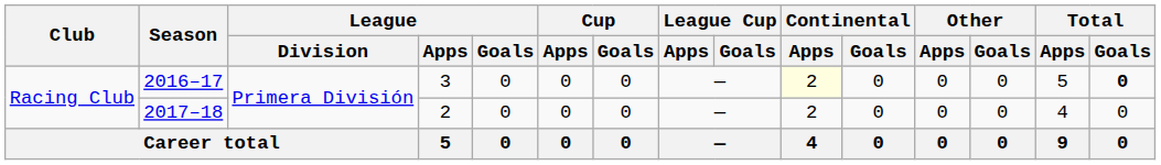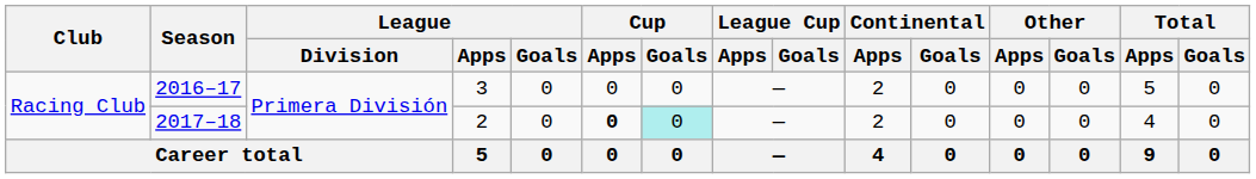 <table class="wikitable" style="text-align:center">
 <tr>
 <th rowspan="2">Club</th>
 <th rowspan="2">Season</th>
 <th colspan="3">League</th>
 <th colspan="2">Cup</th>
 <th colspan="2">League Cup</th>
 <th colspan="2">Continental</th>
 <th colspan="2">Other</th>
 <th colspan="2">Total</th>
 </tr>
 <tr>
 <th>Division</th>
 <th>Apps</th>
 <th>Goals</th>
 <th>Apps</th>
 <th>Goals</th>
 <th>Apps</th>
 <th>Goals</th>
 <th>Apps</th>
 <th>Goals</th>
 <th>Apps</th>
 <th>Goals</th>
 <th>Apps</th>
 <th>Goals</th>
 </tr>
 <tr>
 <td rowspan="2"><a href='#'>Racing Club</a></td>
 <td><a href='#'>2016–17</a></td>
 <td rowspan="2"><a href='#'>Primera División</a></td>
 <td>3</td>
 <td>0</td>
 <td>0</td>
 <td>0</td>
 <td colspan="2">—</td>
-<td style="background: lightyellow;">2</td>
+<td>2</td>
 <td>0</td>
 <td>0</td>
 <td>0</td>
 <td>5</td>
-<td><strong>0</strong></td>
+<td>0</td>
 </tr>
 <tr>
 <td><a href='#'>2017–18</a></td>
 <td>2</td>
 <td>0</td>
-<td>0</td>
-<td>0</td>
+<td><strong>0</strong></td>
+<td style="background: paleturquoise;">0</td>
 <td colspan="2">—</td>
 <td>2</td>
 <td>0</td>
 <td>0</td>
 <td>0</td>
 <td>4</td>
 <td>0</td>
 </tr>
 <tr>
 <th colspan="3">Career total</th>
 <th>5</th>
 <th>0</th>
 <th>0</th>
 <th>0</th>
 <th colspan="2">—</th>
 <th>4</th>
 <th>0</th>
 <th>0</th>
 <th>0</th>
 <th>9</th>
 <th>0</th>
 </tr>
 </table>
